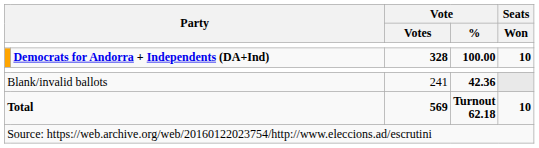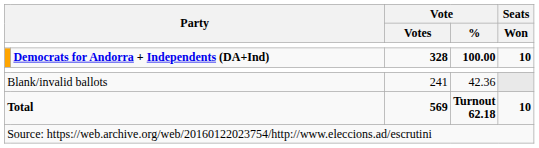 <table class="wikitable" style="text-align:right; font-size:100%; margin-bottom:0">
 <tr>
 <th align="left" rowspan="2" colspan="2" width="500">Party</th>
 <th colspan="2">Vote</th>
 <th>Seats</th>
 </tr>
 <tr>
 <th width="80">Votes</th>
 <th width="50">%</th>
 <th width="40">Won</th>
 </tr>
 <tr bgcolor=white>
 <td colspan=7></td>
 </tr>
 <tr>
 <td width="1" bgcolor="orange"></td>
 <td align="left"><strong><a href='#'>Democrats for Andorra</a> + <a href='#'>Independents</a> (DA+Ind)</strong></td>
 <td><strong>328</strong></td>
 <td><strong>100.00</strong></td>
 <td><strong>10</strong></td>
 </tr>
 <tr bgcolor=white>
 <td colspan=7></td>
 </tr>
 <tr>
 <td colspan="2" align="left">Blank/invalid ballots</td>
 <td>241</td>
-<td><strong>42.36</strong></td>
+<td>42.36</td>
 <td style="color:inherit;background:#E9E9E9"></td>
 </tr>
 <tr style="font-weight:bold;">
 <td align="left" colspan="2">Total</td>
 <td>569</td>
 <td>Turnout 62.18</td>
 <td>10</td>
 </tr>
 <tr>
 <td align="left" colspan="5">Source: https://web.archive.org/web/20160122023754/http://www.eleccions.ad/escrutini</td>
 </tr>
 </table>
